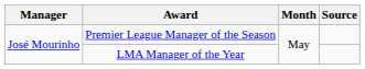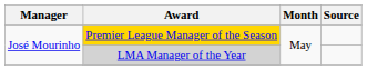 <table class="wikitable sortable" style="text-align:left; font-size:95%">
 <tr>
 <th>Manager</th>
 <th>Award</th>
 <th>Month</th>
 <th>Source</th>
 </tr>
 <tr>
 <td rowspan=2 style="text-align:center;"> <a href='#'>José Mourinho</a></td>
-<td style="text-align:center;"><a href='#'>Premier League Manager of the Season</a></td>
+<td style="background: gold; text-align:center;"><a href='#'>Premier League Manager of the Season</a></td>
 <td rowspan=2 style="text-align:center;">May</td>
 <td style="text-align:center;"></td>
 </tr>
 <tr>
-<td style="text-align:center;"><a href='#'>LMA Manager of the Year</a></td>
+<td style="background: lightgrey; text-align:center;"><a href='#'>LMA Manager of the Year</a></td>
 <td style="text-align:center;"></td>
 </tr>
 </table>
